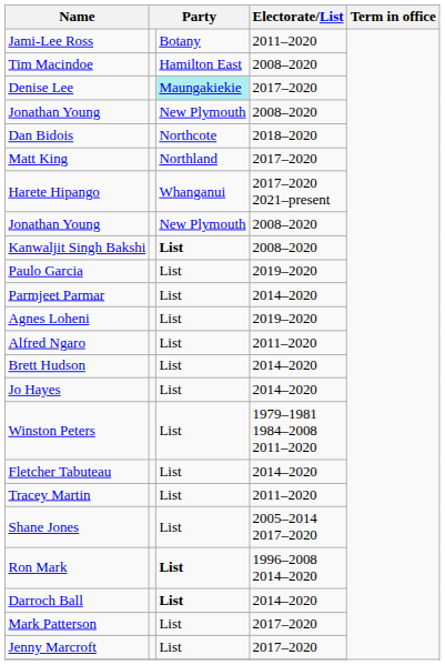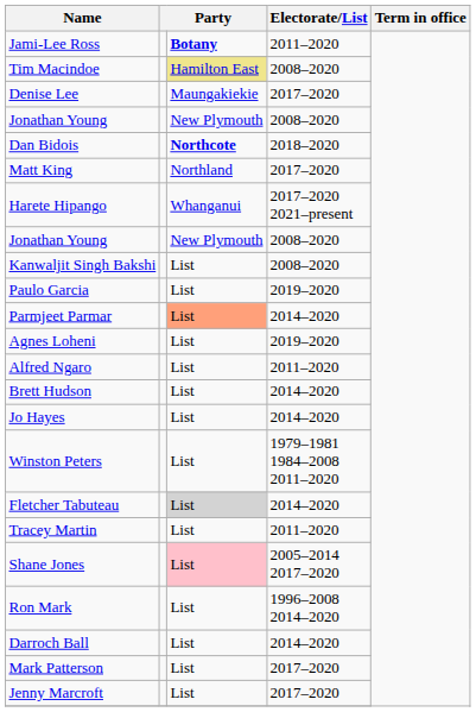 <table class="wikitable sortable" style="font-size:90%;">
 <tr>
 <th>Name</th>
 <th colspan=2>Party</th>
 <th>Electorate/<a href='#'>List</a></th>
 <th>Term in office</th>
 </tr>
 <tr>
 <td><a href='#'>Jami-Lee Ross</a></td>
 <td></td>
-<td><a href='#'>Botany</a></td>
+<td><strong><a href='#'>Botany</a></strong></td>
 <td>2011–2020</td>
 </tr>
 <tr>
 <td><a href='#'>Tim Macindoe</a></td>
 <td></td>
-<td><a href='#'>Hamilton East</a></td>
+<td style="background: khaki;"><a href='#'>Hamilton East</a></td>
 <td>2008–2020</td>
 </tr>
 <tr>
 <td><a href='#'>Denise Lee</a></td>
 <td></td>
-<td style="background: paleturquoise;"><a href='#'>Maungakiekie</a></td>
+<td><a href='#'>Maungakiekie</a></td>
 <td>2017–2020</td>
 </tr>
 <tr>
 <td><a href='#'>Jonathan Young</a></td>
 <td></td>
 <td><a href='#'>New Plymouth</a></td>
 <td>2008–2020</td>
 </tr>
 <tr>
 <td><a href='#'>Dan Bidois</a></td>
 <td></td>
-<td><a href='#'>Northcote</a></td>
+<td><strong><a href='#'>Northcote</a></strong></td>
 <td>2018–2020</td>
 </tr>
 <tr>
 <td><a href='#'>Matt King</a></td>
 <td></td>
 <td><a href='#'>Northland</a></td>
 <td>2017–2020</td>
 </tr>
 <tr>
 <td><a href='#'>Harete Hipango</a></td>
 <td></td>
 <td><a href='#'>Whanganui</a></td>
 <td>2017–2020<br>2021–present</td>
 </tr>
 <tr>
 <td><a href='#'>Jonathan Young</a></td>
 <td></td>
 <td><a href='#'>New Plymouth</a></td>
 <td>2008–2020</td>
 </tr>
 <tr>
 <td><a href='#'>Kanwaljit Singh Bakshi</a></td>
 <td></td>
-<td><strong>List</strong></td>
+<td>List</td>
 <td>2008–2020</td>
 </tr>
 <tr>
 <td><a href='#'>Paulo Garcia</a></td>
 <td></td>
 <td>List</td>
 <td>2019–2020</td>
 </tr>
 <tr>
 <td><a href='#'>Parmjeet Parmar</a></td>
 <td></td>
-<td>List</td>
+<td style="background: lightsalmon;">List</td>
 <td>2014–2020</td>
 </tr>
 <tr>
 <td><a href='#'>Agnes Loheni</a></td>
 <td></td>
 <td>List</td>
 <td>2019–2020</td>
 </tr>
 <tr>
 <td><a href='#'>Alfred Ngaro</a></td>
 <td></td>
 <td>List</td>
 <td>2011–2020</td>
 </tr>
 <tr>
 <td><a href='#'>Brett Hudson</a></td>
 <td></td>
 <td>List</td>
 <td>2014–2020</td>
 </tr>
 <tr>
 <td><a href='#'>Jo Hayes</a></td>
 <td></td>
 <td>List</td>
 <td>2014–2020</td>
 </tr>
 <tr>
 <td><a href='#'>Winston Peters</a></td>
 <td></td>
 <td>List</td>
 <td>1979–1981<br> 1984–2008<br> 2011–2020</td>
 </tr>
 <tr>
 <td><a href='#'>Fletcher Tabuteau</a></td>
 <td></td>
-<td>List</td>
+<td style="background: lightgrey;">List</td>
 <td>2014–2020</td>
 </tr>
 <tr>
 <td><a href='#'>Tracey Martin</a></td>
 <td></td>
 <td>List</td>
 <td>2011–2020</td>
 </tr>
 <tr>
 <td><a href='#'>Shane Jones</a></td>
 <td></td>
-<td>List</td>
+<td style="background: pink;">List</td>
 <td>2005–2014<br>2017–2020</td>
 </tr>
 <tr>
 <td><a href='#'>Ron Mark</a></td>
 <td></td>
-<td><strong>List</strong></td>
+<td>List</td>
 <td>1996–2008<br>2014–2020</td>
 </tr>
 <tr>
 <td><a href='#'>Darroch Ball</a></td>
 <td></td>
-<td><strong>List</strong></td>
+<td>List</td>
 <td>2014–2020</td>
 </tr>
 <tr>
 <td><a href='#'>Mark Patterson</a></td>
 <td></td>
 <td>List</td>
 <td>2017–2020</td>
 </tr>
 <tr>
 <td><a href='#'>Jenny Marcroft</a></td>
 <td></td>
 <td>List</td>
 <td>2017–2020</td>
 </tr>
 <tr>
 </tr>
 </table>
